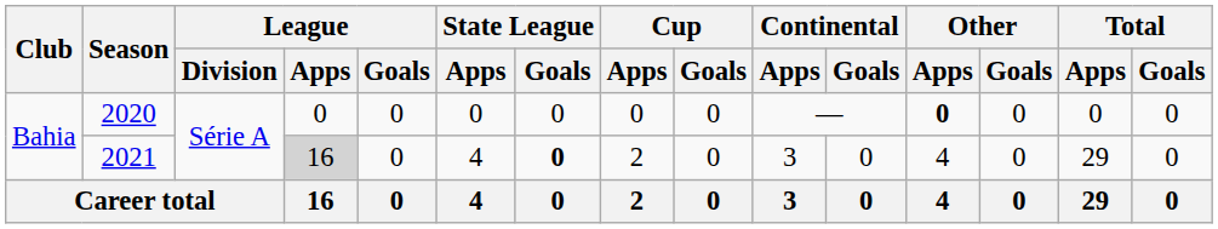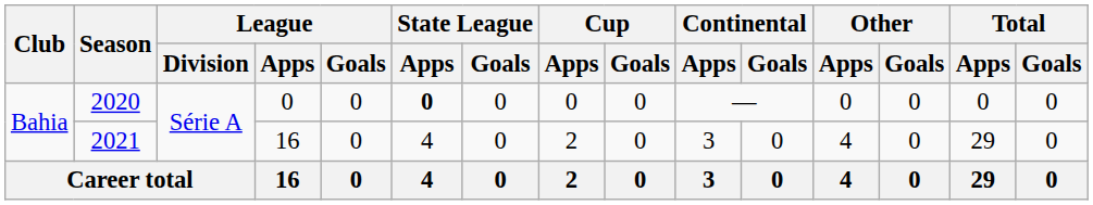 <table class="wikitable" style="text-align: center;">
 <tr>
 <th rowspan="2">Club</th>
 <th rowspan="2">Season</th>
 <th colspan="3">League</th>
 <th colspan="2">State League</th>
 <th colspan="2">Cup</th>
 <th colspan="2">Continental</th>
 <th colspan="2">Other</th>
 <th colspan="2">Total</th>
 </tr>
 <tr>
 <th>Division</th>
 <th>Apps</th>
 <th>Goals</th>
 <th>Apps</th>
 <th>Goals</th>
 <th>Apps</th>
 <th>Goals</th>
 <th>Apps</th>
 <th>Goals</th>
 <th>Apps</th>
 <th>Goals</th>
 <th>Apps</th>
 <th>Goals</th>
 </tr>
 <tr>
 <td rowspan="2" valign="center"><a href='#'>Bahia</a></td>
 <td><a href='#'>2020</a></td>
 <td rowspan="2"><a href='#'>Série A</a></td>
 <td>0</td>
 <td>0</td>
-<td>0</td>
+<td><strong>0</strong></td>
 <td>0</td>
 <td>0</td>
 <td>0</td>
 <td colspan="2">—</td>
-<td><strong>0</strong></td>
+<td>0</td>
 <td>0</td>
 <td>0</td>
 <td>0</td>
 </tr>
 <tr>
 <td><a href='#'>2021</a></td>
-<td style="background: lightgrey;">16</td>
+<td>16</td>
 <td>0</td>
 <td>4</td>
-<td><strong>0</strong></td>
+<td>0</td>
 <td>2</td>
 <td>0</td>
 <td>3</td>
 <td>0</td>
 <td>4</td>
 <td>0</td>
 <td>29</td>
 <td>0</td>
 </tr>
 <tr>
 <th colspan="3"><strong>Career total</strong></th>
 <th>16</th>
 <th>0</th>
 <th>4</th>
 <th>0</th>
 <th>2</th>
 <th>0</th>
 <th>3</th>
 <th>0</th>
 <th>4</th>
 <th>0</th>
 <th>29</th>
 <th>0</th>
 </tr>
 </table>
